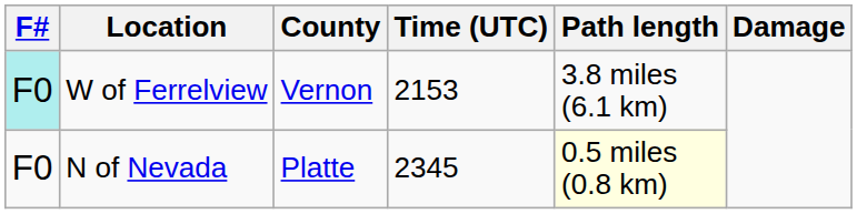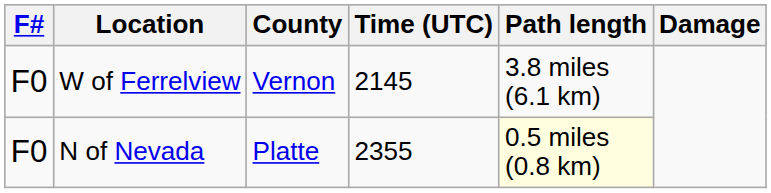 <table class="wikitable">
 <tr>
 <th scope="col"><strong><a href='#'>F#</a></strong></th>
 <th scope="col"><strong>Location</strong></th>
 <th scope="col"><strong>County</strong></th>
 <th scope="col"><strong>Time (UTC)</strong></th>
 <th scope="col"><strong>Path length</strong></th>
 <th scope="col"><strong>Damage</strong></th>
 </tr>
 <tr>
-<td style="background: paleturquoise;"><big>F0</big></td>
+<td><big>F0</big></td>
 <td>W of <a href='#'>Ferrelview</a></td>
 <td><a href='#'>Vernon</a></td>
-<td>2153</td>
+<td>2145</td>
 <td>3.8 miles <br>(6.1 km)</td>
 </tr>
 <tr>
 <td><big>F0</big></td>
 <td>N of <a href='#'>Nevada</a></td>
 <td><a href='#'>Platte</a></td>
-<td>2345</td>
+<td>2355</td>
 <td style="background: lightyellow;">0.5 miles <br>(0.8 km)</td>
 </tr>
 </table>
